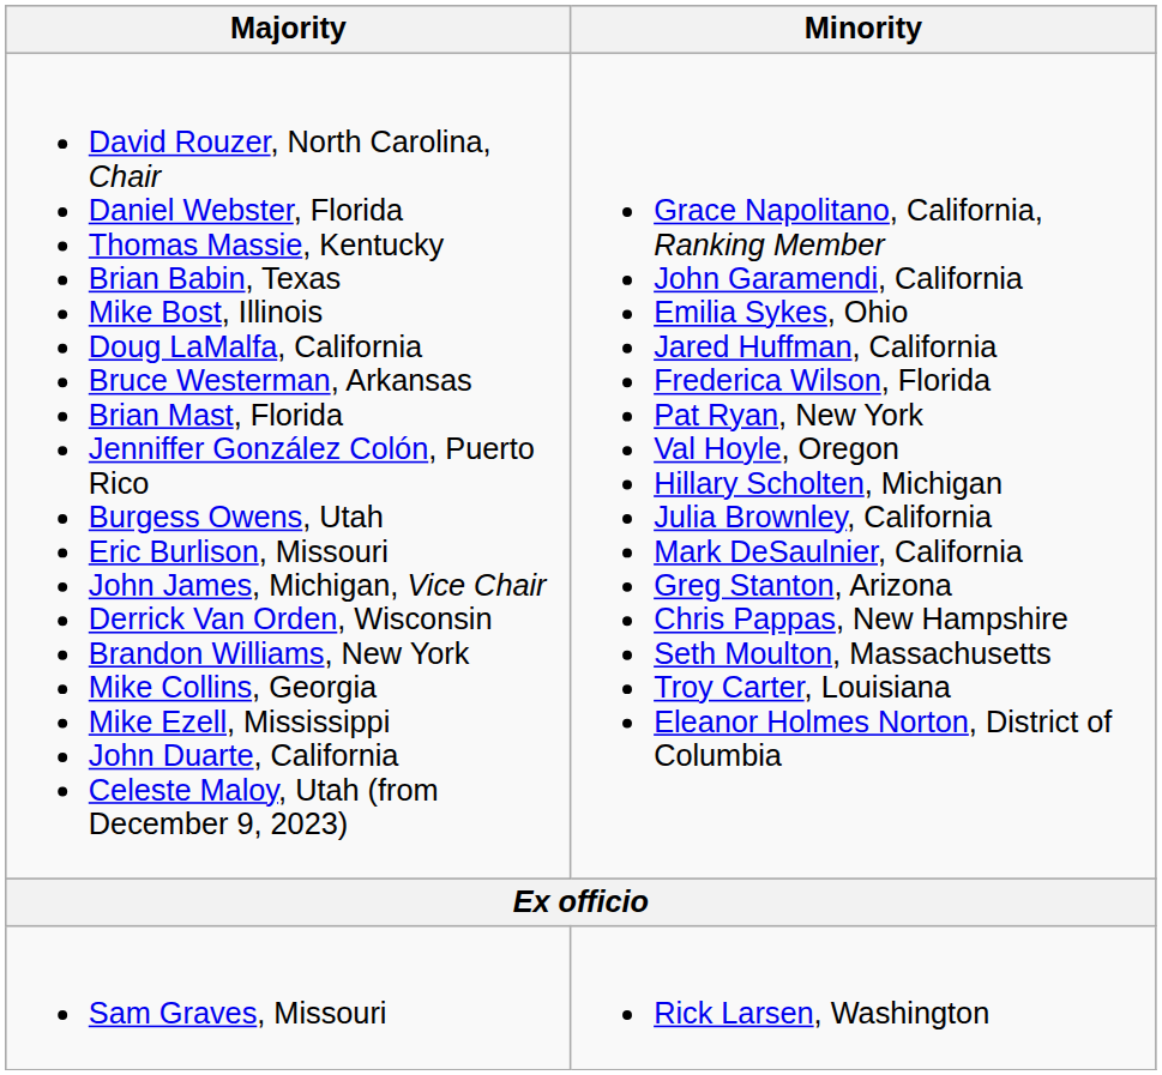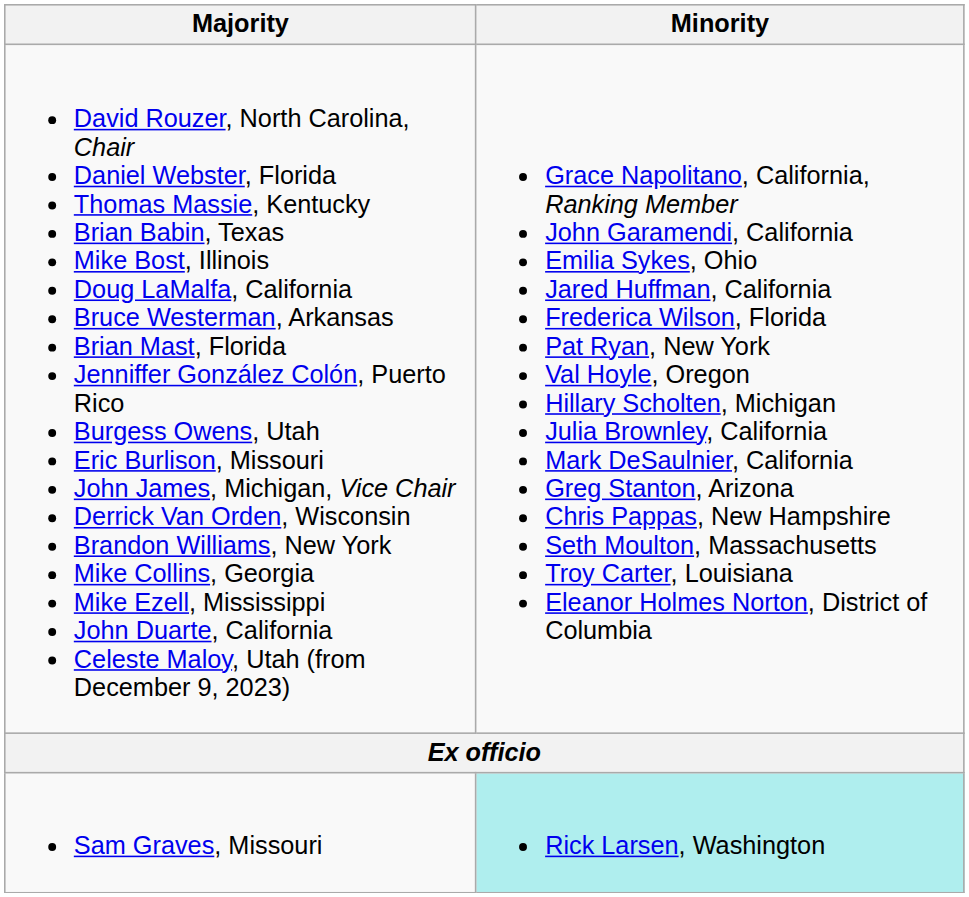 <table class=wikitable>
 <tr>
 <th>Majority</th>
 <th>Minority</th>
 </tr>
 <tr>
 <td><br><ul><li><a href='#'>David Rouzer</a>, North Carolina, <em>Chair</em></li><li><a href='#'>Daniel Webster</a>, Florida</li><li><a href='#'>Thomas Massie</a>, Kentucky</li><li><a href='#'>Brian Babin</a>, Texas</li><li><a href='#'>Mike Bost</a>, Illinois</li><li><a href='#'>Doug LaMalfa</a>, California</li><li><a href='#'>Bruce Westerman</a>, Arkansas</li><li><a href='#'>Brian Mast</a>, Florida</li><li><a href='#'>Jenniffer González Colón</a>, Puerto Rico</li><li><a href='#'>Burgess Owens</a>, Utah</li><li><a href='#'>Eric Burlison</a>, Missouri</li><li><a href='#'>John James</a>, Michigan, <em>Vice Chair</em></li><li><a href='#'>Derrick Van Orden</a>, Wisconsin</li><li><a href='#'>Brandon Williams</a>, New York</li><li><a href='#'>Mike Collins</a>, Georgia</li><li><a href='#'>Mike Ezell</a>, Mississippi</li><li><a href='#'>John Duarte</a>, California</li><li><a href='#'>Celeste Maloy</a>, Utah (from December 9, 2023)</li></ul></td>
 <td><br><ul><li><a href='#'>Grace Napolitano</a>, California, <em>Ranking Member</em></li><li><a href='#'>John Garamendi</a>, California</li><li><a href='#'>Emilia Sykes</a>, Ohio</li><li><a href='#'>Jared Huffman</a>, California</li><li><a href='#'>Frederica Wilson</a>, Florida</li><li><a href='#'>Pat Ryan</a>, New York</li><li><a href='#'>Val Hoyle</a>, Oregon</li><li><a href='#'>Hillary Scholten</a>, Michigan</li><li><a href='#'>Julia Brownley</a>, California</li><li><a href='#'>Mark DeSaulnier</a>, California</li><li><a href='#'>Greg Stanton</a>, Arizona</li><li><a href='#'>Chris Pappas</a>, New Hampshire</li><li><a href='#'>Seth Moulton</a>, Massachusetts</li><li><a href='#'>Troy Carter</a>, Louisiana</li><li><a href='#'>Eleanor Holmes Norton</a>, District of Columbia</li></ul></td>
 </tr>
 <tr>
 <th colspan=2><em>Ex officio</em></th>
 </tr>
 <tr>
 <td><br><ul><li><a href='#'>Sam Graves</a>, Missouri</li></ul></td>
-<td><br><ul><li><a href='#'>Rick Larsen</a>, Washington</li></ul></td>
+<td style="background: paleturquoise;"><br><ul><li><a href='#'>Rick Larsen</a>, Washington</li></ul></td>
 </tr>
 </table>
